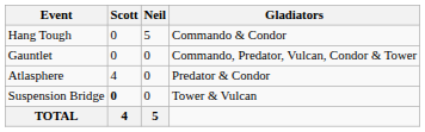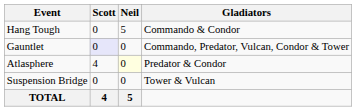 <table class="wikitable">
 <tr>
 <th>Event</th>
 <th>Scott</th>
 <th>Neil</th>
 <th>Gladiators</th>
 </tr>
 <tr>
 <td>Hang Tough</td>
 <td>0</td>
 <td>5</td>
 <td>Commando & Condor</td>
 </tr>
 <tr>
 <td>Gauntlet</td>
-<td>0</td>
+<td style="background: lavender;">0</td>
 <td>0</td>
 <td>Commando, Predator, Vulcan, Condor & Tower</td>
 </tr>
 <tr>
 <td>Atlasphere</td>
 <td>4</td>
-<td>0</td>
+<td style="background: lightyellow;">0</td>
 <td>Predator & Condor</td>
 </tr>
 <tr>
 <td>Suspension Bridge</td>
-<td><strong>0</strong></td>
+<td>0</td>
 <td>0</td>
 <td>Tower & Vulcan</td>
 </tr>
 <tr>
 <th>TOTAL</th>
 <th>4</th>
 <th>5</th>
 </tr>
 </table>
